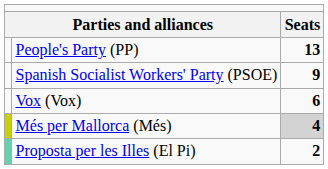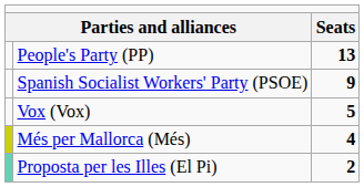 <table class="wikitable" style="text-align:right;">
 <tr>
 <td colspan="7"></td>
 </tr>
 <tr>
 <th colspan="2">Parties and alliances</th>
 <th colspan="2">Seats</th>
 </tr>
 <tr>
 <td style="color:inherit;background:"></td>
 <td align="left"><a href='#'>People's Party</a> (PP)</td>
 <td><strong>13</strong></td>
 </tr>
 <tr>
 <td style="color:inherit;background:"></td>
 <td align="left"><a href='#'>Spanish Socialist Workers' Party</a> (PSOE)</td>
 <td><strong>9</strong></td>
 </tr>
 <tr>
 <td style="color:inherit;background:"></td>
 <td align="left"><a href='#'>Vox</a> (Vox)</td>
-<td><strong>6</strong></td>
+<td><strong>5</strong></td>
 </tr>
 <tr>
 <td style="color:inherit;background:#CBD100"></td>
 <td align="left"><a href='#'>Més per Mallorca</a> (Més)</td>
-<td style="background: lightgrey;"><strong>4</strong></td>
+<td><strong>4</strong></td>
 </tr>
 <tr>
 <td style="color:inherit;background:#62D2B1"></td>
 <td align="left"><a href='#'>Proposta per les Illes</a> (El Pi)</td>
 <td><strong>2</strong></td>
 </tr>
 <tr>
 </tr>
 </table>
